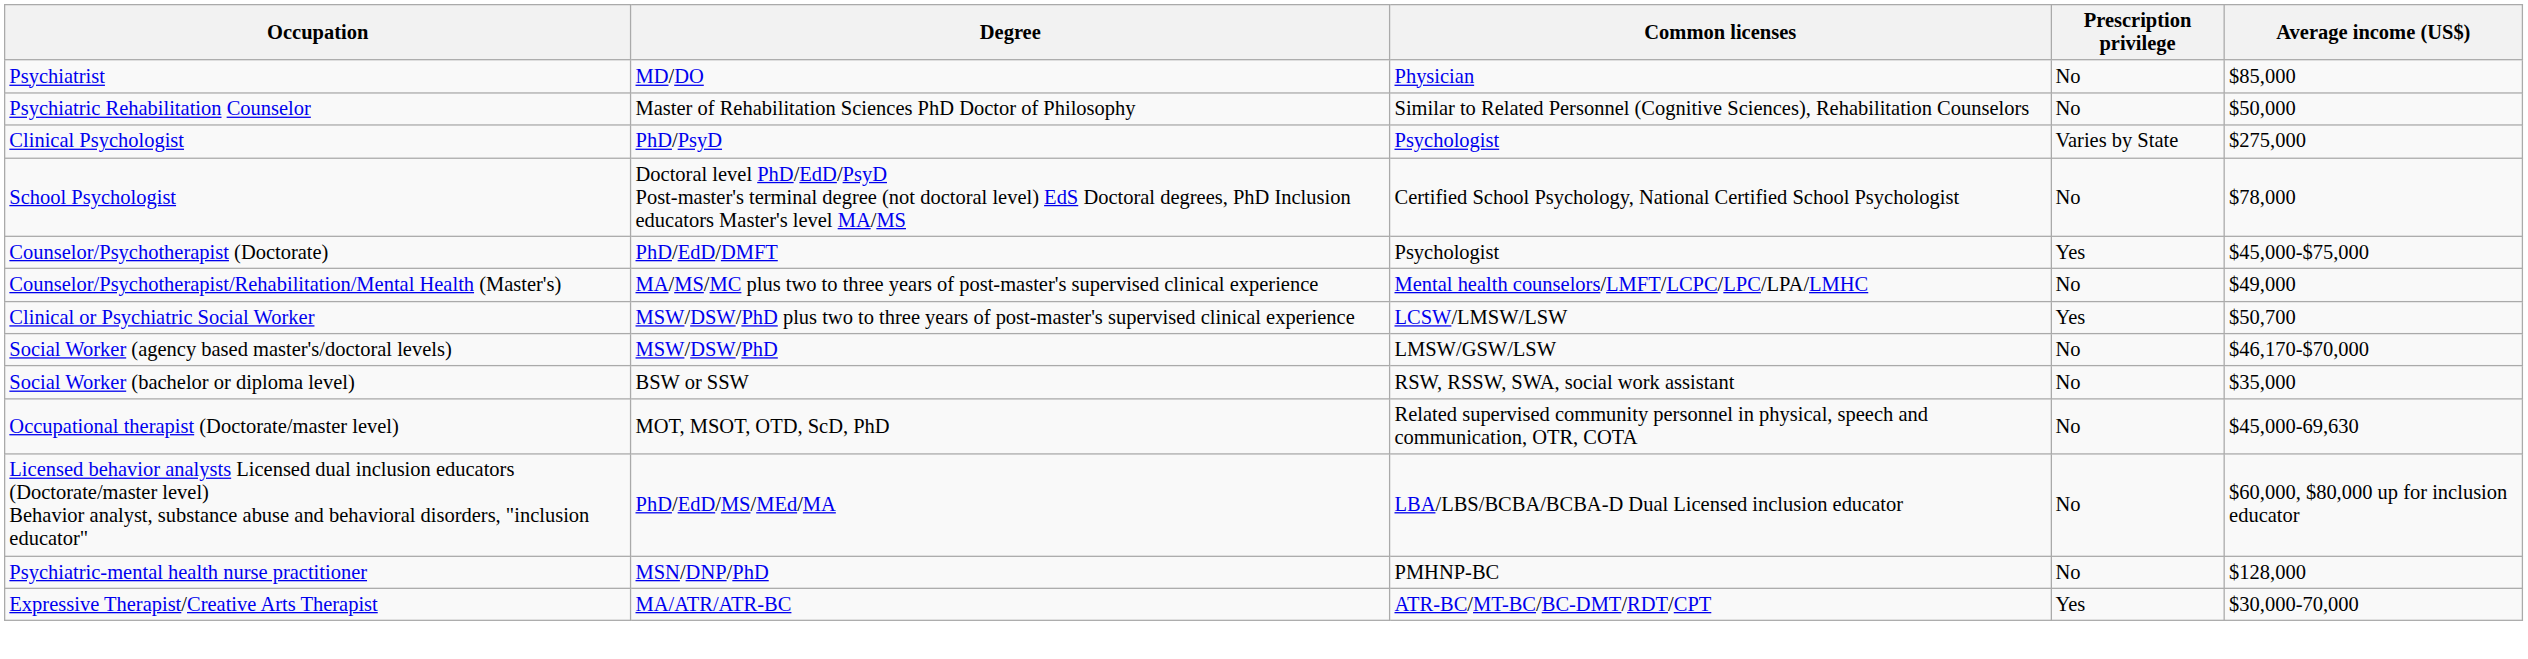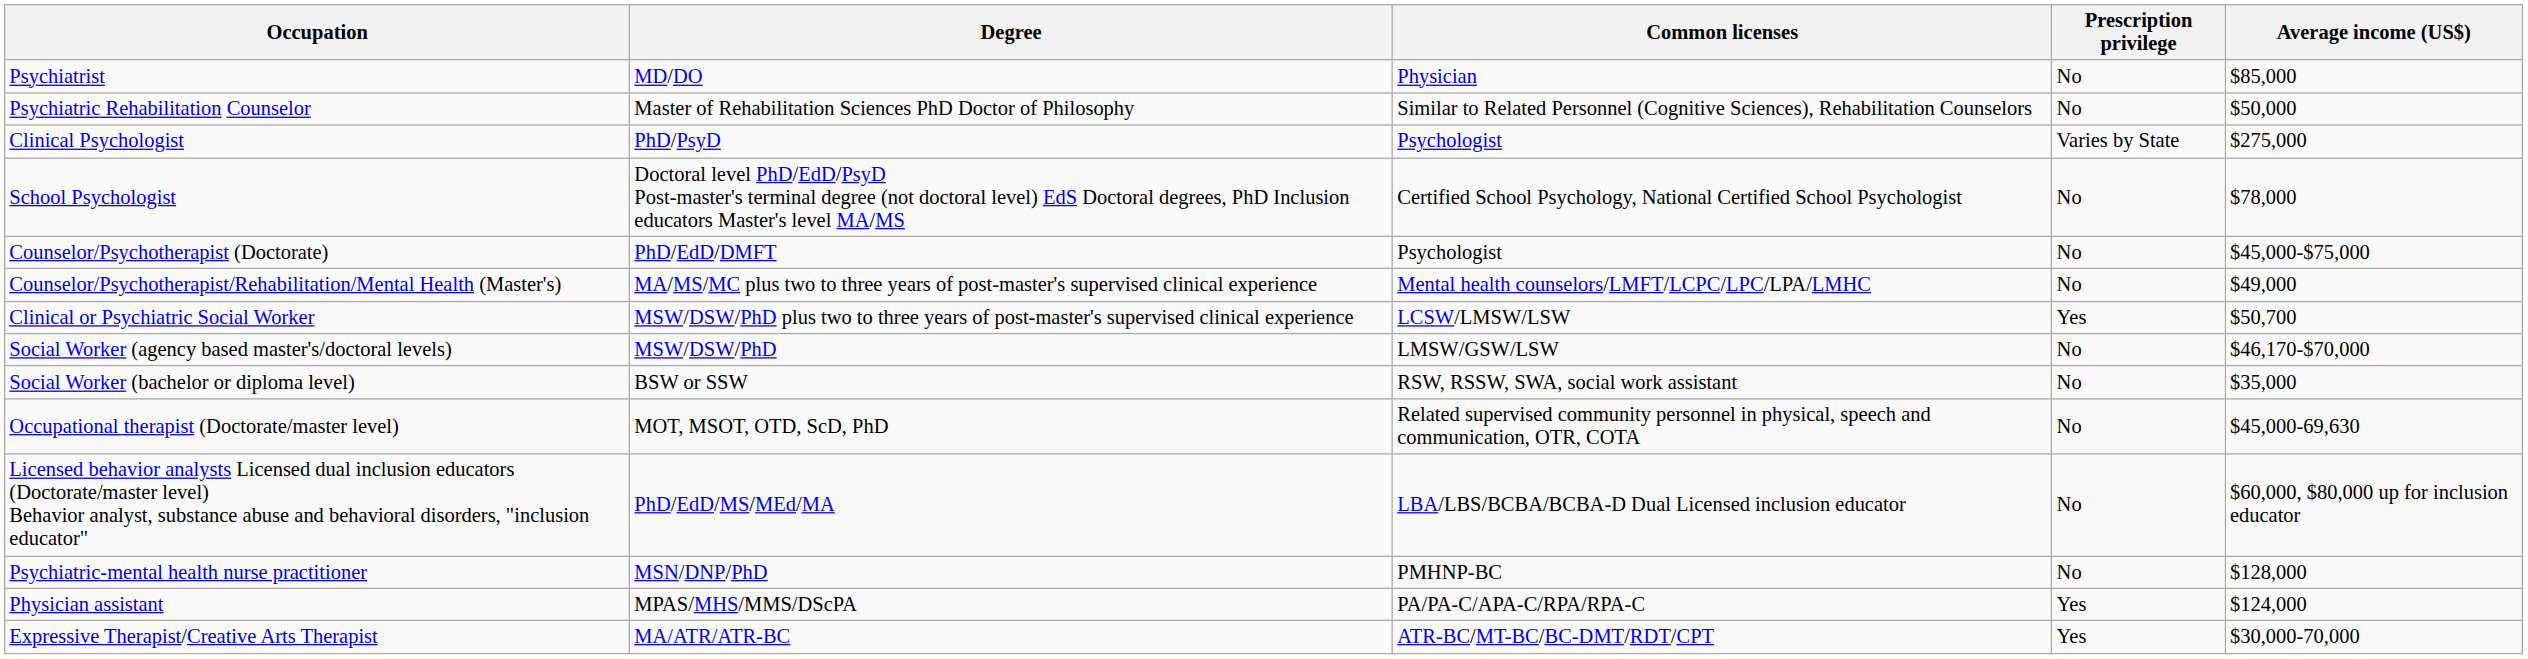 <table class="wikitable sortable">
 <tr>
 <th>Occupation</th>
 <th>Degree</th>
 <th>Common licenses</th>
 <th>Prescription privilege</th>
 <th>Average income (US$)</th>
 </tr>
 <tr>
 <td><a href='#'>Psychiatrist</a></td>
 <td><a href='#'>MD</a>/<a href='#'>DO</a></td>
 <td><a href='#'>Physician</a></td>
 <td>No</td>
 <td>$85,000</td>
 </tr>
 <tr>
 <td><a href='#'>Psychiatric Rehabilitation</a> <a href='#'>Counselor</a></td>
 <td>Master of Rehabilitation Sciences PhD Doctor of Philosophy</td>
 <td>Similar to Related Personnel (Cognitive Sciences), Rehabilitation Counselors</td>
 <td>No</td>
 <td>$50,000</td>
 </tr>
 <tr>
 <td><a href='#'>Clinical Psychologist</a></td>
 <td><a href='#'>PhD</a>/<a href='#'>PsyD</a></td>
 <td><a href='#'>Psychologist</a></td>
 <td>Varies by State</td>
 <td>$275,000</td>
 </tr>
 <tr>
 <td><a href='#'>School Psychologist</a></td>
 <td>Doctoral level <a href='#'>PhD</a>/<a href='#'>EdD</a>/<a href='#'>PsyD</a><br>Post-master's terminal degree (not doctoral level) <a href='#'>EdS</a> Doctoral degrees, PhD Inclusion educators Master's level <a href='#'>MA</a>/<a href='#'>MS</a></td>
 <td>Certified School Psychology, National Certified School Psychologist</td>
 <td>No</td>
 <td>$78,000</td>
 </tr>
 <tr>
 <td><a href='#'>Counselor/Psychotherapist</a> (Doctorate)</td>
 <td><a href='#'>PhD</a>/<a href='#'>EdD</a>/<a href='#'>DMFT</a></td>
 <td>Psychologist</td>
-<td>Yes</td>
+<td>No</td>
 <td>$45,000-$75,000</td>
 </tr>
 <tr>
 <td><a href='#'>Counselor/Psychotherapist/Rehabilitation/Mental Health</a> (Master's)</td>
 <td><a href='#'>MA</a>/<a href='#'>MS</a>/<a href='#'>MC</a> plus two to three years of post-master's supervised clinical experience</td>
 <td><a href='#'>Mental health counselors</a>/<a href='#'>LMFT</a>/<a href='#'>LCPC</a>/<a href='#'>LPC</a>/LPA/<a href='#'>LMHC</a></td>
 <td>No</td>
 <td>$49,000</td>
 </tr>
 <tr>
 <td><a href='#'>Clinical or Psychiatric Social Worker</a></td>
 <td><a href='#'>MSW</a>/<a href='#'>DSW</a>/<a href='#'>PhD</a> plus two to three years of post-master's supervised clinical experience</td>
 <td><a href='#'>LCSW</a>/LMSW/LSW</td>
 <td>Yes</td>
 <td>$50,700</td>
 </tr>
 <tr>
 <td><a href='#'>Social Worker</a> (agency based master's/doctoral levels)</td>
 <td><a href='#'>MSW</a>/<a href='#'>DSW</a>/<a href='#'>PhD</a></td>
 <td>LMSW/GSW/LSW</td>
 <td>No</td>
 <td>$46,170-$70,000</td>
 </tr>
 <tr>
 <td><a href='#'>Social Worker</a> (bachelor or diploma level)</td>
 <td>BSW or SSW</td>
 <td>RSW, RSSW, SWA, social work assistant</td>
 <td>No</td>
 <td>$35,000</td>
 </tr>
 <tr>
 <td><a href='#'>Occupational therapist</a> (Doctorate/master level)</td>
 <td>MOT, MSOT, OTD, ScD, PhD</td>
 <td>Related supervised community personnel in physical, speech and communication, OTR, COTA</td>
 <td>No</td>
 <td>$45,000-69,630</td>
 </tr>
 <tr>
 <td><a href='#'>Licensed behavior analysts</a> Licensed dual inclusion educators (Doctorate/master level)<br>Behavior analyst, substance abuse and behavioral disorders, "inclusion educator"</td>
 <td><a href='#'>PhD</a>/<a href='#'>EdD</a>/<a href='#'>MS</a>/<a href='#'>MEd</a>/<a href='#'>MA</a></td>
 <td><a href='#'>LBA</a>/LBS/BCBA/BCBA-D  Dual Licensed inclusion educator</td>
 <td>No</td>
 <td>$60,000, $80,000 up for inclusion educator</td>
 </tr>
 <tr>
 <td><a href='#'>Psychiatric-mental health nurse practitioner</a></td>
 <td><a href='#'>MSN</a>/<a href='#'>DNP</a>/<a href='#'>PhD</a></td>
 <td>PMHNP-BC</td>
 <td>No</td>
 <td>$128,000</td>
 </tr>
 <tr>
+<td><a href='#'>Physician assistant</a></td>
+<td>MPAS/<a href='#'>MHS</a>/MMS/DScPA</td>
+<td>PA/PA-C/APA-C/RPA/RPA-C</td>
+<td>Yes</td>
+<td>$124,000</td>
+</tr>
+<tr>
 <td><a href='#'>Expressive Therapist</a>/<a href='#'>Creative Arts Therapist</a></td>
 <td><a href='#'>MA/ATR/ATR-BC</a></td>
 <td><a href='#'>ATR-BC</a>/<a href='#'>MT-BC</a>/<a href='#'>BC-DMT</a>/<a href='#'>RDT</a>/<a href='#'>CPT</a></td>
 <td>Yes</td>
 <td>$30,000-70,000</td>
 </tr>
 </table>
